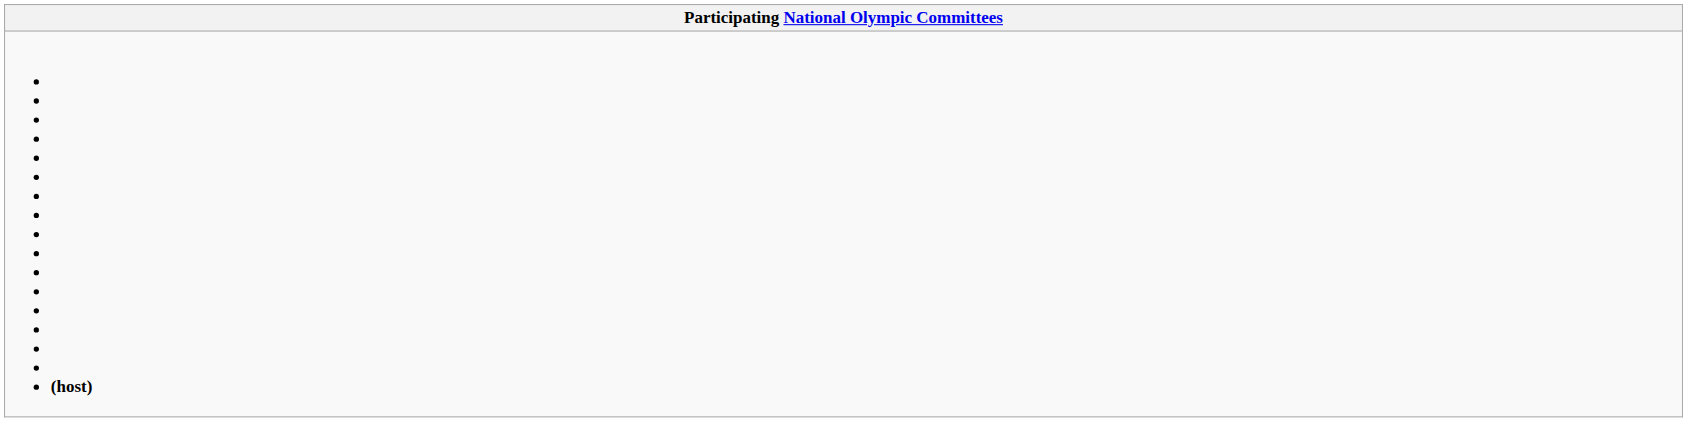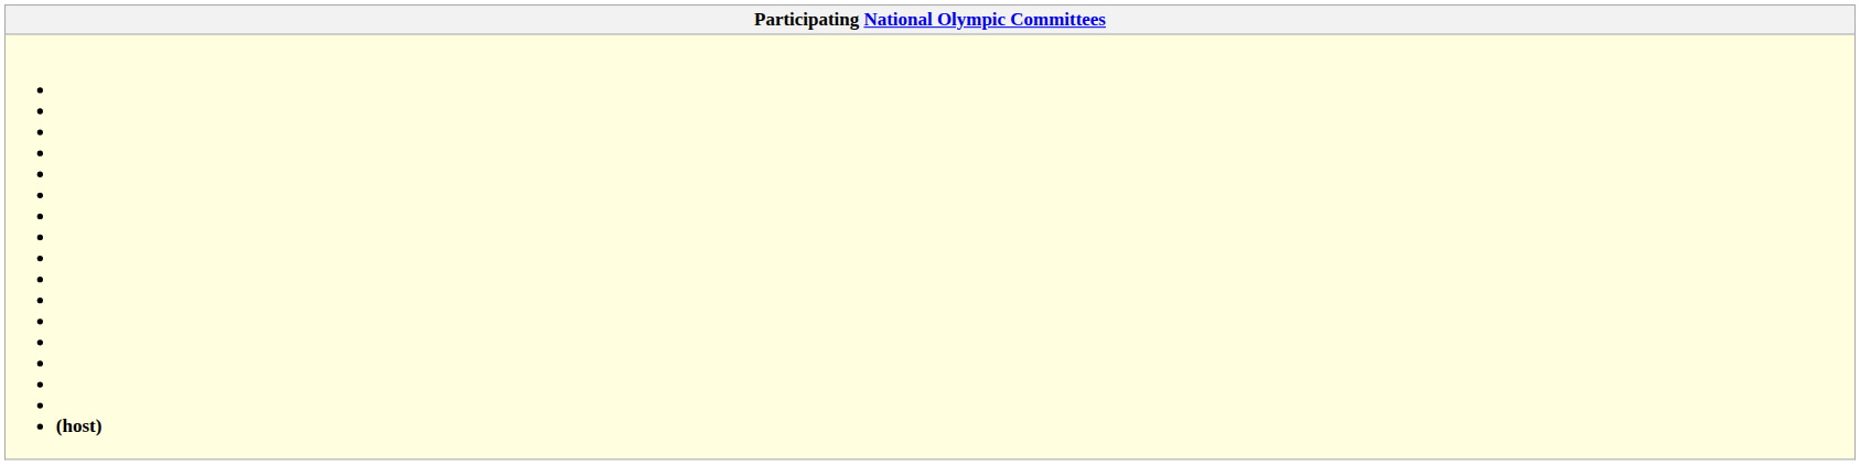 <table class="wikitable collapsible" style="width:100%;">
 <tr>
 <th>Participating <a href='#'>National Olympic Committees</a></th>
 </tr>
 <tr>
-<td><br><ul><li></li><li></li><li></li><li></li><li></li><li></li><li></li><li></li><li></li><li></li><li></li><li></li><li></li><li></li><li></li><li></li><li> <strong>(host)</strong></li></ul></td>
+<td style="background: lightyellow;"><br><ul><li></li><li></li><li></li><li></li><li></li><li></li><li></li><li></li><li></li><li></li><li></li><li></li><li></li><li></li><li></li><li></li><li> <strong>(host)</strong></li></ul></td>
 </tr>
 </table>
